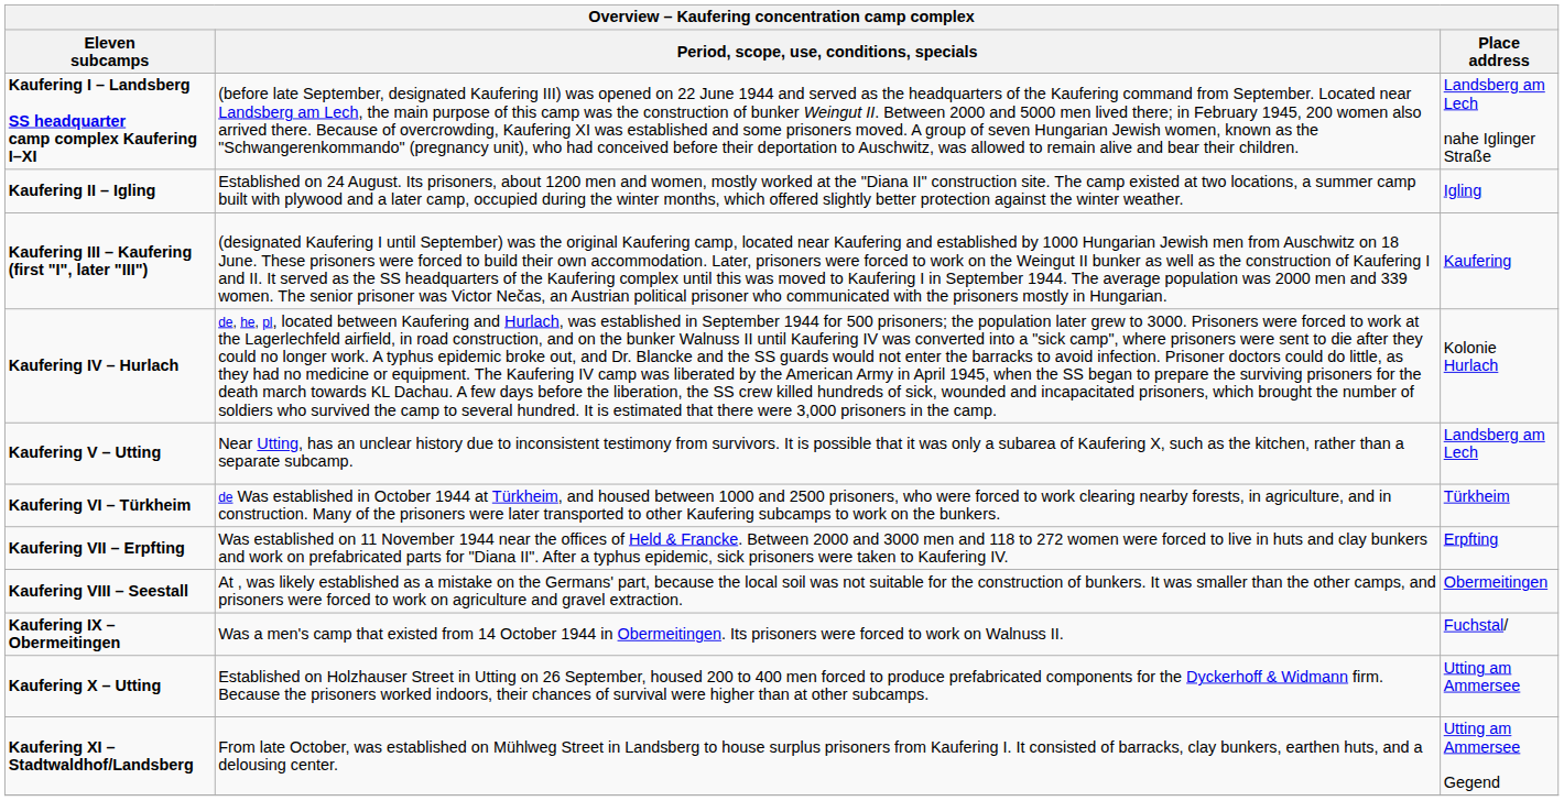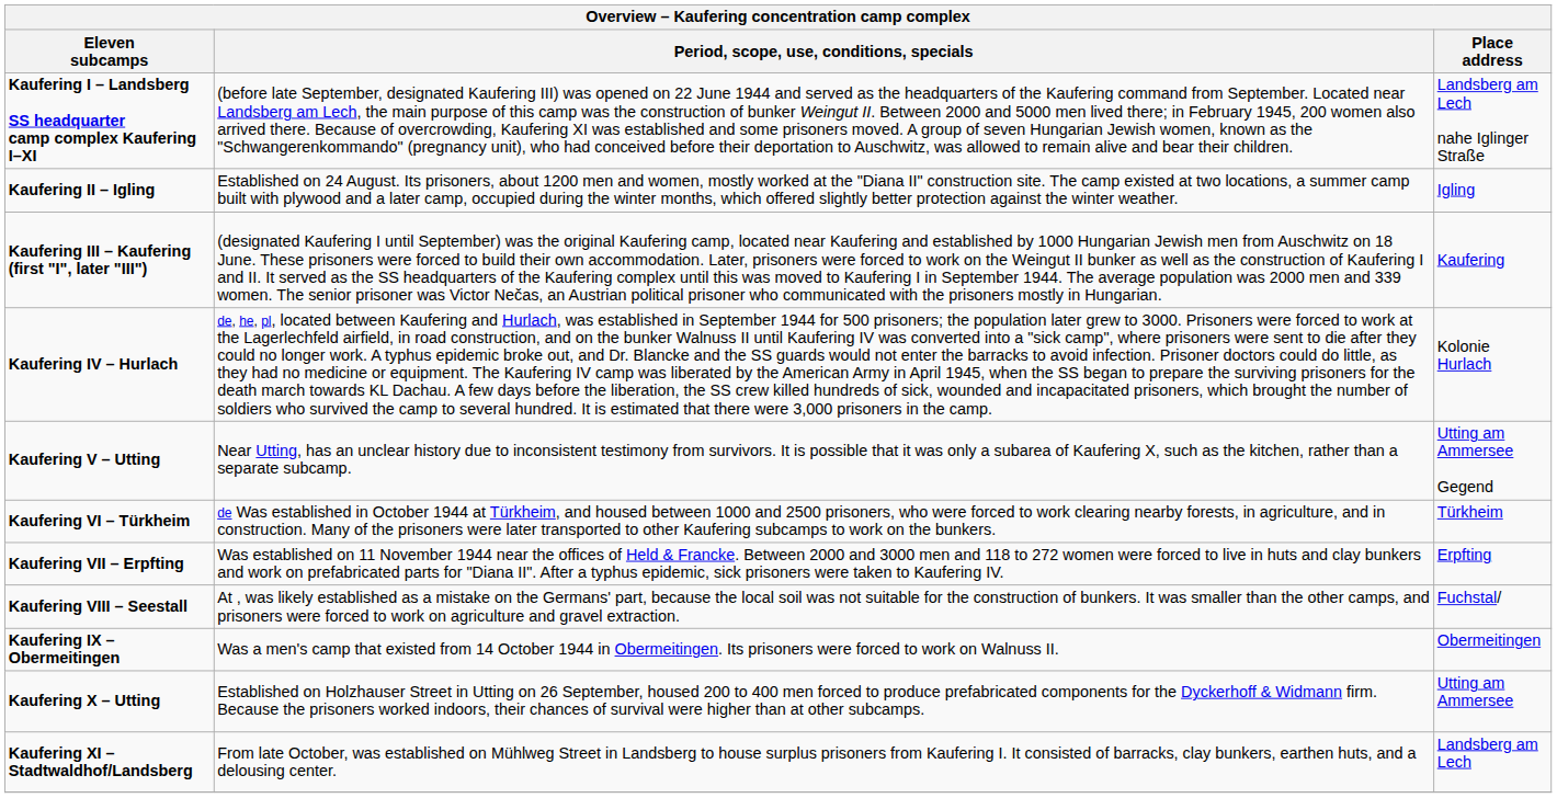 <table class="wikitable sortable">
 <tr>
 <th colspan="3" class="hintergrundfarbe7">Overview – Kaufering concentration camp complex</th>
 </tr>
 <tr>
 <th class="hintergrundfarbe7">Eleven<br>subcamps</th>
 <th class="hintergrundfarbe7">Period, scope, use, conditions, specials</th>
 <th class="hintergrundfarbe7">Place<br>address</th>
 </tr>
 <tr>
 <td data-sort-value="1"><strong>Kaufering I – Landsberg</strong><br><br><strong><a href='#'>SS headquarter</a><br>camp complex Kaufering I–XI</strong></td>
 <td data-sort-value="1944-06-22">(before late September, designated Kaufering III) was opened on 22 June 1944 and served as the headquarters of the Kaufering command from September. Located near <a href='#'>Landsberg am Lech</a>, the main purpose of this camp was the construction of bunker <em>Weingut II</em>. Between 2000 and 5000 men lived there; in February 1945, 200 women also arrived there. Because of overcrowding, Kaufering XI was established and some prisoners moved. A group of seven Hungarian Jewish women, known as the "Schwangerenkommando" (pregnancy unit), who had conceived before their deportation to Auschwitz, was allowed to remain alive and bear their children.</td>
 <td><a href='#'>Landsberg am Lech</a><br><br>nahe Iglinger Straße<br> </td>
 </tr>
 <tr>
 <td data-sort-value="2"><strong>Kaufering II – Igling</strong></td>
 <td data-sort-value="1944-08-24">Established on 24 August. Its prisoners, about 1200 men and women, mostly worked at the "Diana II" construction site. The camp existed at two locations, a summer camp built with plywood and a later camp, occupied during the winter months, which offered slightly better protection against the winter weather.</td>
 <td><a href='#'>Igling</a><br> </td>
 </tr>
 <tr>
 <td data-sort-value="3"><strong>Kaufering III – Kaufering<br>(first "I", later "III")</strong></td>
 <td data-sort-value="1944-06-18"><br>(designated Kaufering I until September) was the original Kaufering camp, located near Kaufering and established by 1000 Hungarian Jewish men from Auschwitz on 18 June. These prisoners were forced to build their own accommodation. Later, prisoners were forced to work on the Weingut II bunker as well as the construction of Kaufering I and II. It served as the SS headquarters of the Kaufering complex until this was moved to Kaufering I in September 1944. The average population was 2000 men and 339 women. The senior prisoner was Victor Nečas, an Austrian political prisoner who communicated with the prisoners mostly in Hungarian.</td>
 <td><a href='#'>Kaufering</a><br></td>
 </tr>
 <tr>
 <td data-sort-value="4"><strong>Kaufering IV – Hurlach</strong></td>
 <td data-sort-value="1944-09-01"><small><a href='#'>de</a>, <a href='#'>he</a>, <a href='#'>pl</a></small>, located between Kaufering and <a href='#'>Hurlach</a>, was established in September 1944 for 500 prisoners; the population later grew to 3000. Prisoners were forced to work at the Lagerlechfeld airfield, in road construction, and on the bunker Walnuss II until Kaufering IV was converted into a "sick camp", where prisoners were sent to die after they could no longer work. A typhus epidemic broke out, and Dr. Blancke and the SS guards would not enter the barracks to avoid infection. Prisoner doctors could do little, as they had no medicine or equipment. The Kaufering IV camp was liberated by the American Army in April 1945, when the SS began to prepare the surviving prisoners for the death march towards KL Dachau. A few days before the liberation, the SS crew killed hundreds of sick, wounded and incapacitated prisoners, which brought the number of soldiers who survived the camp to several hundred. It is estimated that there were 3,000 prisoners in the camp.</td>
 <td data-sort-value="Hurlach">Kolonie <a href='#'>Hurlach</a><br><br></td>
 </tr>
 <tr>
 <td data-sort-value="5"><strong>Kaufering V – Utting</strong></td>
 <td data-sort-value="1945-03-21">Near <a href='#'>Utting</a>, has an unclear history due to inconsistent testimony from survivors. It is possible that it was only a subarea of Kaufering X, such as the kitchen, rather than a separate subcamp. </td>
-<td><a href='#'>Landsberg am Lech</a><br><br></td>
+<td><a href='#'>Utting am Ammersee</a><br><br>Gegend<br></td>
 </tr>
 <tr>
 <td data-sort-value="6"><strong>Kaufering VI – Türkheim</strong></td>
 <td data-sort-value="1944-10-01"><small><a href='#'>de</a></small> Was established in October 1944 at <a href='#'>Türkheim</a>, and housed between 1000 and 2500 prisoners, who were forced to work clearing nearby forests, in agriculture, and in construction. Many of the prisoners were later transported to other Kaufering subcamps to work on the bunkers.</td>
 <td><a href='#'>Türkheim</a><br><br></td>
 </tr>
 <tr>
 <td data-sort-value="7"><strong>Kaufering VII – Erpfting</strong></td>
 <td data-sort-value="1944-09-01">Was established on 11 November 1944 near the offices of <a href='#'>Held & Francke</a>. Between 2000 and 3000 men and 118 to 272 women were forced to live in huts and clay bunkers and work on prefabricated parts for "Diana II". After a typhus epidemic, sick prisoners were taken to Kaufering IV.</td>
 <td><a href='#'>Erpfting</a><br><br></td>
 </tr>
 <tr>
 <td data-sort-value="8"><strong>Kaufering VIII – Seestall</strong></td>
 <td data-sort-value="1944-11-22">At , was likely established as a mistake on the Germans' part, because the local soil was not suitable for the construction of bunkers. It was smaller than the other camps, and prisoners were forced to work on agriculture and gravel extraction.</td>
-<td><a href='#'>Obermeitingen</a><br><br></td>
+<td><a href='#'>Fuchstal</a>/<br><br></td>
 </tr>
 <tr>
 <td data-sort-value="9"><strong>Kaufering IX – Obermeitingen</strong></td>
 <td data-sort-value="1944-10-14">Was a men's camp that existed from 14 October 1944 in <a href='#'>Obermeitingen</a>. Its prisoners were forced to work on Walnuss II.</td>
-<td><a href='#'>Fuchstal</a>/<br><br></td>
+<td><a href='#'>Obermeitingen</a><br><br></td>
 </tr>
 <tr>
 <td data-sort-value="10"><strong>Kaufering X – Utting</strong></td>
 <td data-sort-value="1944-09-26">Established on Holzhauser Street in Utting on 26 September, housed 200 to 400 men forced to produce prefabricated components for the <a href='#'>Dyckerhoff & Widmann</a> firm. Because the prisoners worked indoors, their chances of survival were higher than at other subcamps.</td>
 <td><a href='#'>Utting am Ammersee</a><br><br></td>
 </tr>
 <tr>
 <td data-sort-value="11"><strong>Kaufering XI – Stadtwaldhof/Landsberg</strong></td>
 <td data-sort-value="1944-10-30">From late October, was established on Mühlweg Street in Landsberg to house surplus prisoners from Kaufering I. It consisted of barracks, clay bunkers, earthen huts, and a delousing center.</td>
-<td><a href='#'>Utting am Ammersee</a><br><br>Gegend<br></td>
+<td><a href='#'>Landsberg am Lech</a><br><br></td>
 </tr>
 <tr>
 </tr>
 </table>
